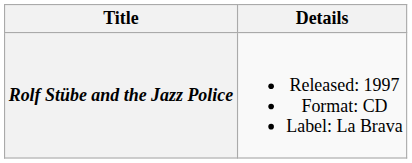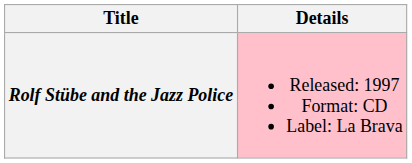 <table class="wikitable plainrowheaders" style="text-align:center;" border="1">
 <tr>
 <th>Title</th>
 <th>Details</th>
 </tr>
 <tr>
 <th scope="row"><em>Rolf Stübe and the Jazz Police</em></th>
-<td><br><ul><li>Released: 1997</li><li>Format: CD</li><li>Label: La Brava</li></ul></td>
+<td style="background: pink;"><br><ul><li>Released: 1997</li><li>Format: CD</li><li>Label: La Brava</li></ul></td>
 </tr>
 </table>
